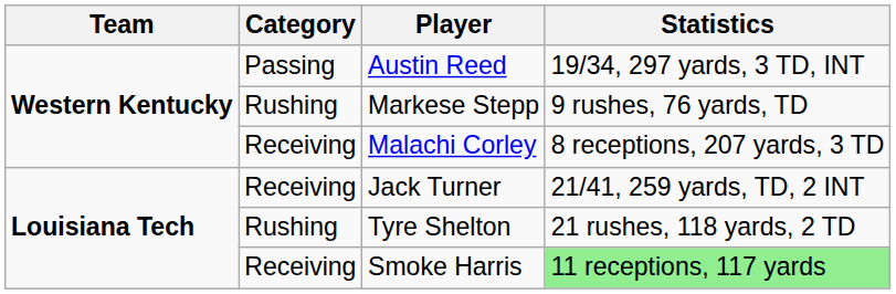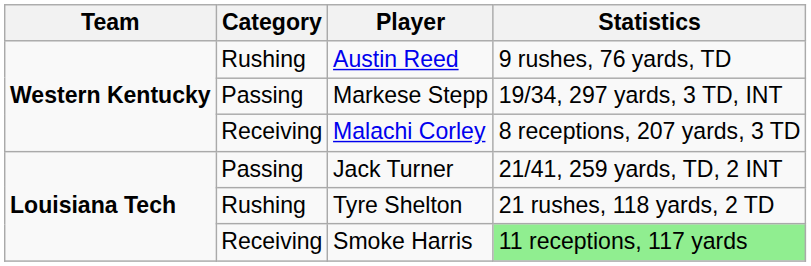 <table class="wikitable" style="float: left;">
 <tr>
 <th>Team</th>
 <th>Category</th>
 <th>Player</th>
 <th>Statistics</th>
 </tr>
 <tr>
 <td rowspan=3><strong>Western Kentucky</strong></td>
-<td>Passing</td>
+<td>Rushing</td>
 <td><a href='#'>Austin Reed</a></td>
-<td>19/34, 297 yards, 3 TD, INT</td>
+<td>9 rushes, 76 yards, TD</td>
 </tr>
 <tr>
-<td>Rushing</td>
+<td>Passing</td>
 <td>Markese Stepp</td>
-<td>9 rushes, 76 yards, TD</td>
+<td>19/34, 297 yards, 3 TD, INT</td>
 </tr>
 <tr>
 <td>Receiving</td>
 <td><a href='#'>Malachi Corley</a></td>
 <td>8 receptions, 207 yards, 3 TD</td>
 </tr>
 <tr>
 <td rowspan=3><strong>Louisiana Tech</strong></td>
-<td>Receiving</td>
+<td>Passing</td>
 <td>Jack Turner</td>
 <td>21/41, 259 yards, TD, 2 INT</td>
 </tr>
 <tr>
 <td>Rushing</td>
 <td>Tyre Shelton</td>
 <td>21 rushes, 118 yards, 2 TD</td>
 </tr>
 <tr>
 <td>Receiving</td>
 <td>Smoke Harris</td>
 <td style="background: lightgreen;">11 receptions, 117 yards</td>
 </tr>
 </table>
